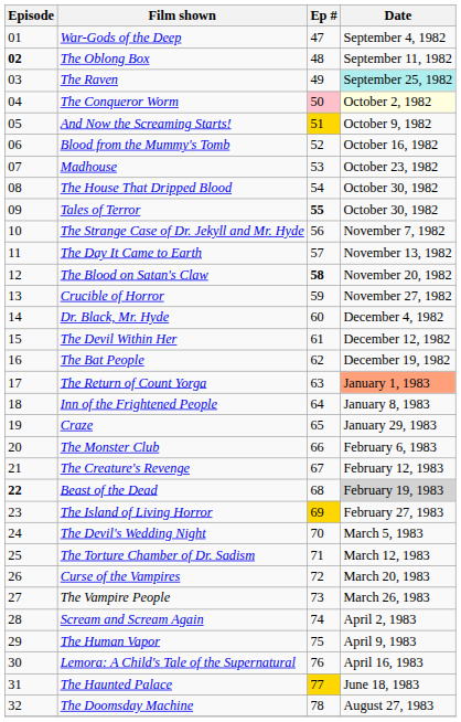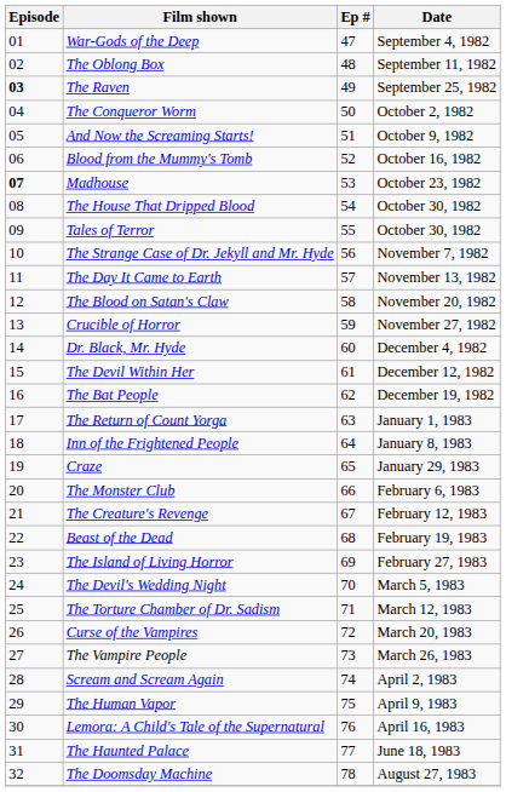 <table class="wikitable sortable">
 <tr>
 <th>Episode</th>
 <th>Film shown</th>
 <th>Ep #</th>
 <th>Date</th>
 </tr>
 <tr>
 <td>01</td>
 <td><em><a href='#'>War-Gods of the Deep</a></em></td>
 <td>47</td>
 <td>September 4, 1982</td>
 </tr>
 <tr>
-<td><strong>02</strong></td>
+<td>02</td>
 <td><em><a href='#'>The Oblong Box</a></em></td>
 <td>48</td>
 <td>September 11, 1982</td>
 </tr>
 <tr>
-<td>03</td>
+<td><strong>03</strong></td>
 <td><em><a href='#'>The Raven</a></em></td>
 <td>49</td>
-<td style="background: paleturquoise;">September 25, 1982</td>
+<td>September 25, 1982</td>
 </tr>
 <tr>
 <td>04</td>
 <td><em><a href='#'>The Conqueror Worm</a></em></td>
-<td style="background: pink;">50</td>
-<td style="background: lightyellow;">October 2, 1982</td>
+<td>50</td>
+<td>October 2, 1982</td>
 </tr>
 <tr>
 <td>05</td>
 <td><em><a href='#'>And Now the Screaming Starts!</a></em></td>
-<td style="background: gold;">51</td>
+<td>51</td>
 <td>October 9, 1982</td>
 </tr>
 <tr>
 <td>06</td>
 <td><em><a href='#'>Blood from the Mummy's Tomb</a></em></td>
 <td>52</td>
 <td>October 16, 1982</td>
 </tr>
 <tr>
-<td>07</td>
+<td><strong>07</strong></td>
 <td><em><a href='#'>Madhouse</a></em></td>
 <td>53</td>
 <td>October 23, 1982</td>
 </tr>
 <tr>
 <td>08</td>
 <td><em><a href='#'>The House That Dripped Blood</a></em></td>
 <td>54</td>
 <td>October 30, 1982</td>
 </tr>
 <tr>
 <td>09</td>
 <td><em><a href='#'>Tales of Terror</a></em></td>
-<td><strong>55</strong></td>
+<td>55</td>
 <td>October 30, 1982</td>
 </tr>
 <tr>
 <td>10</td>
 <td><em><a href='#'>The Strange Case of Dr. Jekyll and Mr. Hyde</a></em></td>
 <td>56</td>
 <td>November 7, 1982</td>
 </tr>
 <tr>
 <td>11</td>
 <td><em><a href='#'>The Day It Came to Earth</a></em></td>
 <td>57</td>
 <td>November 13, 1982</td>
 </tr>
 <tr>
 <td>12</td>
 <td><em><a href='#'>The Blood on Satan's Claw</a></em></td>
-<td><strong>58</strong></td>
+<td>58</td>
 <td>November 20, 1982</td>
 </tr>
 <tr>
 <td>13</td>
 <td><em><a href='#'>Crucible of Horror</a></em></td>
 <td>59</td>
 <td>November 27, 1982</td>
 </tr>
 <tr>
 <td>14</td>
 <td><em><a href='#'>Dr. Black, Mr. Hyde</a></em></td>
 <td>60</td>
 <td>December 4, 1982</td>
 </tr>
 <tr>
 <td>15</td>
 <td><em><a href='#'>The Devil Within Her</a></em></td>
 <td>61</td>
 <td>December 12, 1982</td>
 </tr>
 <tr>
 <td>16</td>
 <td><em><a href='#'>The Bat People</a></em></td>
 <td>62</td>
 <td>December 19, 1982</td>
 </tr>
 <tr>
 <td>17</td>
 <td><em><a href='#'>The Return of Count Yorga</a></em></td>
 <td>63</td>
-<td style="background: lightsalmon;">January 1, 1983</td>
+<td>January 1, 1983</td>
 </tr>
 <tr>
 <td>18</td>
 <td><em><a href='#'>Inn of the Frightened People</a></em></td>
 <td>64</td>
 <td>January 8, 1983</td>
 </tr>
 <tr>
 <td>19</td>
 <td><em><a href='#'>Craze</a></em></td>
 <td>65</td>
 <td>January 29, 1983</td>
 </tr>
 <tr>
 <td>20</td>
 <td><em><a href='#'>The Monster Club</a></em></td>
 <td>66</td>
 <td>February 6, 1983</td>
 </tr>
 <tr>
 <td>21</td>
 <td><em><a href='#'>The Creature's Revenge</a></em></td>
 <td>67</td>
 <td>February 12, 1983</td>
 </tr>
 <tr>
-<td><strong>22</strong></td>
+<td>22</td>
 <td><em><a href='#'>Beast of the Dead</a></em></td>
 <td>68</td>
-<td style="background: lightgrey;">February 19, 1983</td>
+<td>February 19, 1983</td>
 </tr>
 <tr>
 <td>23</td>
 <td><em><a href='#'>The Island of Living Horror</a></em></td>
-<td style="background: gold;">69</td>
+<td>69</td>
 <td>February 27, 1983</td>
 </tr>
 <tr>
 <td>24</td>
 <td><em><a href='#'>The Devil's Wedding Night</a></em></td>
 <td>70</td>
 <td>March 5, 1983</td>
 </tr>
 <tr>
 <td>25</td>
 <td><em><a href='#'>The Torture Chamber of Dr. Sadism</a></em></td>
 <td>71</td>
 <td>March 12, 1983</td>
 </tr>
 <tr>
 <td>26</td>
 <td><em><a href='#'>Curse of the Vampires</a></em></td>
 <td>72</td>
 <td>March 20, 1983</td>
 </tr>
 <tr>
 <td>27</td>
 <td><em>The Vampire People</em></td>
 <td>73</td>
 <td>March 26, 1983</td>
 </tr>
 <tr>
 <td>28</td>
 <td><em><a href='#'>Scream and Scream Again</a></em></td>
 <td>74</td>
 <td>April 2, 1983</td>
 </tr>
 <tr>
 <td>29</td>
 <td><em><a href='#'>The Human Vapor</a></em></td>
 <td>75</td>
 <td>April 9, 1983</td>
 </tr>
 <tr>
 <td>30</td>
 <td><em><a href='#'>Lemora: A Child's Tale of the Supernatural</a></em></td>
 <td>76</td>
 <td>April 16, 1983</td>
 </tr>
 <tr>
 <td>31</td>
 <td><em><a href='#'>The Haunted Palace</a></em></td>
-<td style="background: gold;">77</td>
+<td>77</td>
 <td>June 18, 1983</td>
 </tr>
 <tr>
 <td>32</td>
 <td><em><a href='#'>The Doomsday Machine</a></em></td>
 <td>78</td>
 <td>August 27, 1983</td>
 </tr>
 <tr>
 </tr>
 </table>
